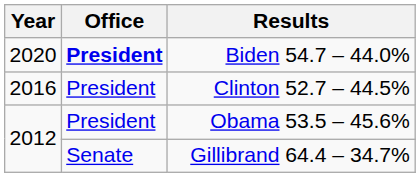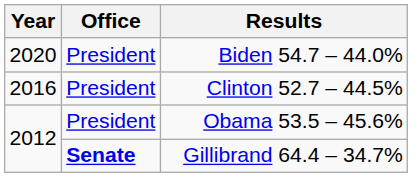 <table class=wikitable>
 <tr>
 <th width="30">Year</th>
 <th width="60">Office</th>
 <th width="180">Results</th>
 </tr>
 <tr>
 <td>2020</td>
-<td><strong><a href='#'>President</a></strong></td>
+<td><a href='#'>President</a></td>
 <td align="right" ><a href='#'>Biden</a> 54.7 – 44.0%</td>
 </tr>
 <tr>
 <td>2016</td>
 <td><a href='#'>President</a></td>
 <td align="right" ><a href='#'>Clinton</a> 52.7 – 44.5%</td>
 </tr>
 <tr>
 <td rowspan="2">2012</td>
 <td><a href='#'>President</a></td>
 <td align="right" ><a href='#'>Obama</a> 53.5 – 45.6%</td>
 </tr>
 <tr>
-<td><a href='#'>Senate</a></td>
+<td><strong><a href='#'>Senate</a></strong></td>
 <td align="right" ><a href='#'>Gillibrand</a> 64.4 – 34.7%</td>
 </tr>
 </table>
